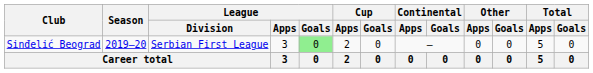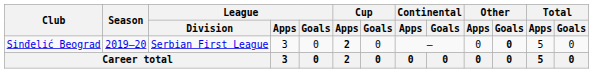 <table class="wikitable" style="text-align: center">
 <tr>
 <th rowspan="2">Club</th>
 <th rowspan="2">Season</th>
 <th colspan="3">League</th>
 <th colspan="2">Cup</th>
 <th colspan="2">Continental</th>
 <th colspan="2">Other</th>
 <th colspan="2">Total</th>
 </tr>
 <tr>
 <th>Division</th>
 <th>Apps</th>
 <th>Goals</th>
 <th>Apps</th>
 <th>Goals</th>
 <th>Apps</th>
 <th>Goals</th>
 <th>Apps</th>
 <th>Goals</th>
 <th>Apps</th>
 <th>Goals</th>
 </tr>
 <tr>
 <td><a href='#'>Sinđelić Beograd</a></td>
 <td><a href='#'>2019–20</a></td>
 <td><a href='#'>Serbian First League</a></td>
 <td>3</td>
-<td style="background: lightgreen;">0</td>
-<td>2</td>
+<td>0</td>
+<td><strong>2</strong></td>
 <td>0</td>
 <td colspan="2">–</td>
 <td>0</td>
-<td>0</td>
+<td><strong>0</strong></td>
 <td>5</td>
 <td>0</td>
 </tr>
 <tr>
 <th colspan=3>Career total</th>
 <th>3</th>
 <th>0</th>
 <th>2</th>
 <th>0</th>
 <th>0</th>
 <th>0</th>
 <th>0</th>
 <th>0</th>
 <th>5</th>
 <th>0</th>
 </tr>
 </table>
